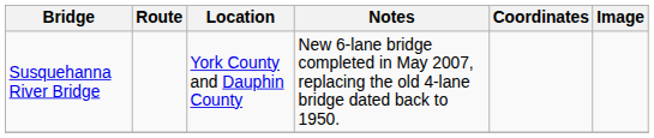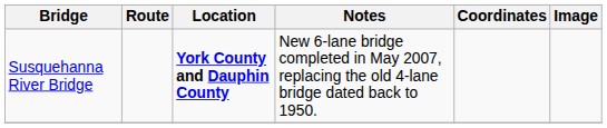 <table class="wikitable" style="width:100%">
 <tr>
 <th>Bridge</th>
 <th>Route</th>
 <th>Location</th>
 <th>Notes</th>
 <th>Coordinates</th>
 <th>Image</th>
 </tr>
 <tr>
 <td><a href='#'>Susquehanna River Bridge</a></td>
 <td></td>
-<td><a href='#'>York County</a> and <a href='#'>Dauphin County</a></td>
+<td><strong><a href='#'>York County</a> and <a href='#'>Dauphin County</a></strong></td>
 <td>New 6-lane bridge completed in May 2007, replacing the old 4-lane bridge dated back to 1950.</td>
 <td></td>
 <td></td>
 </tr>
 <tr>
 </tr>
 </table>
